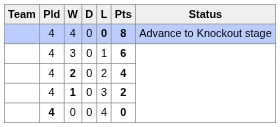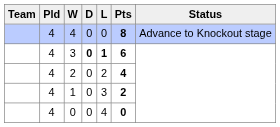 <table style=border-collapse:collapse border=1 cellspacing=0 cellpadding=5>
 <tr align=center bgcolor=#efefef>
 <th>Team</th>
 <th>Pld</th>
 <th>W</th>
 <th>D</th>
 <th>L</th>
 <th>Pts</th>
 <th>Status</th>
 </tr>
 <tr align=center style="background:#bbccff;">
 <td style="text-align:left;"> </td>
 <td>4</td>
 <td>4</td>
 <td>0</td>
-<td><strong>0</strong></td>
+<td>0</td>
 <td><strong>8</strong></td>
 <td rowspan=1>Advance to Knockout stage</td>
 </tr>
 <tr align=center style="background:#FFFFFF;">
 <td style="text-align:left;"> </td>
 <td>4</td>
 <td>3</td>
-<td>0</td>
-<td>1</td>
+<td><strong>0</strong></td>
+<td><strong>1</strong></td>
 <td><strong>6</strong></td>
 <td rowspan=4></td>
 </tr>
 <tr align=center style="background:#FFFFFF;">
 <td style="text-align:left;"> </td>
 <td>4</td>
-<td><strong>2</strong></td>
+<td>2</td>
 <td>0</td>
 <td>2</td>
 <td><strong>4</strong></td>
 </tr>
 <tr align=center style="background:#FFFFFF;">
 <td style="text-align:left;"> </td>
 <td>4</td>
-<td><strong>1</strong></td>
+<td>1</td>
 <td>0</td>
 <td>3</td>
 <td><strong>2</strong></td>
 </tr>
 <tr align=center style="background:#FFFFFF;">
 <td style="text-align:left;"> </td>
-<td><strong>4</strong></td>
+<td>4</td>
 <td>0</td>
 <td>0</td>
 <td>4</td>
 <td><strong>0</strong></td>
 </tr>
 </table>
